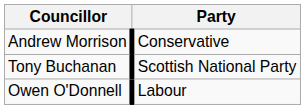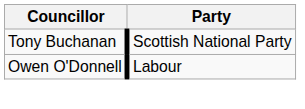 <table class="wikitable" border="1">
 <tr>
 <th>Councillor</th>
 <th>Party</th>
-</tr>
-<tr>
-<td>Andrew Morrison</td>
-<td style="border-left: 5px solid ">Conservative</td>
 </tr>
 <tr>
 <td>Tony Buchanan</td>
 <td style="border-left: 5px solid ">Scottish National Party</td>
 </tr>
 <tr>
 <td>Owen O'Donnell</td>
 <td style="border-left: 5px solid ">Labour</td>
 </tr>
 </table>
